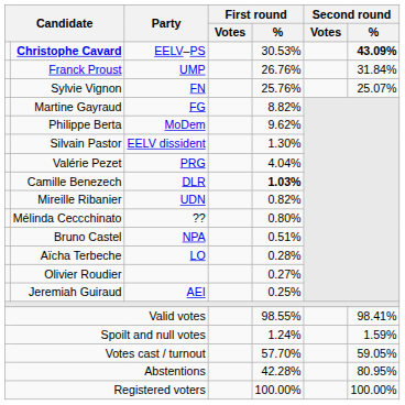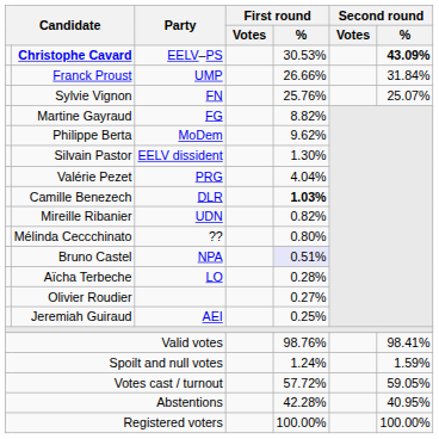 <table class="wikitable" style="text-align:right;font-size:95%;">
 <tr>
 <th rowspan=2 colspan=2>Candidate</th>
 <th rowspan=2 colspan=1>Party</th>
 <th colspan=2>First round</th>
 <th colspan=2>Second round</th>
 </tr>
 <tr>
 <th style="width:50px;">Votes</th>
 <th style="width:55px;">%</th>
 <th style="width:50px;">Votes</th>
 <th style="width:55px;">%</th>
 </tr>
 <tr>
 <td style="color:inherit;background-color:"></td>
 <td><strong><a href='#'>Christophe Cavard</a></strong></td>
 <td><a href='#'>EELV</a>–<a href='#'>PS</a></td>
 <td></td>
 <td>30.53%</td>
 <td><strong></strong></td>
 <td><strong>43.09%</strong></td>
 </tr>
 <tr>
 <td style="color:inherit;background-color:"></td>
 <td><a href='#'>Franck Proust</a></td>
 <td><a href='#'>UMP</a></td>
 <td></td>
-<td>26.76%</td>
+<td>26.66%</td>
 <td></td>
 <td>31.84%</td>
 </tr>
 <tr>
 <td style="color:inherit;background-color:"></td>
 <td>Sylvie Vignon</td>
 <td><a href='#'>FN</a></td>
 <td></td>
 <td>25.76%</td>
 <td></td>
 <td>25.07%</td>
 </tr>
 <tr>
 <td style="color:inherit;background-color:"></td>
 <td>Martine Gayraud</td>
 <td><a href='#'>FG</a></td>
 <td></td>
 <td>8.82%</td>
 <td colspan=7 rowspan=11 style="background-color:#E9E9E9;"></td>
 </tr>
 <tr>
 <td style="color:inherit;background-color:"></td>
 <td>Philippe Berta</td>
 <td><a href='#'>MoDem</a></td>
 <td></td>
 <td>9.62%</td>
 </tr>
 <tr>
 <td style="color:inherit;background-color:"></td>
 <td>Silvain Pastor</td>
 <td><a href='#'>EELV dissident</a></td>
 <td></td>
 <td>1.30%</td>
 </tr>
 <tr>
 <td style="color:inherit;background-color:"></td>
 <td>Valérie Pezet</td>
 <td><a href='#'>PRG</a></td>
 <td></td>
 <td>4.04%</td>
 </tr>
 <tr>
 <td style="color:inherit;background-color:"></td>
 <td>Camille Benezech</td>
 <td><a href='#'>DLR</a></td>
 <td></td>
 <td><strong>1.03%</strong></td>
 </tr>
 <tr>
 <td style="color:inherit;background-color:"></td>
 <td>Mireille Ribanier</td>
 <td><a href='#'>UDN</a></td>
 <td></td>
 <td>0.82%</td>
 </tr>
 <tr>
 <td style="background-color:;"></td>
 <td>Mélinda Ceccchinato</td>
 <td>??</td>
 <td></td>
 <td>0.80%</td>
 </tr>
 <tr>
 <td style="color:inherit;background-color:"></td>
 <td>Bruno Castel</td>
 <td><a href='#'>NPA</a></td>
 <td></td>
-<td>0.51%</td>
+<td style="background: lavender;">0.51%</td>
 </tr>
 <tr>
 <td style="color:inherit;background-color:"></td>
 <td>Aïcha Terbeche</td>
 <td><a href='#'>LO</a></td>
 <td></td>
 <td>0.28%</td>
 </tr>
 <tr>
 <td style="background-color:;"></td>
 <td>Olivier Roudier</td>
 <td></td>
 <td></td>
 <td>0.27%</td>
 </tr>
 <tr>
 <td style="color:inherit;background-color:"></td>
 <td>Jeremiah Guiraud</td>
 <td><a href='#'>AEI</a></td>
 <td></td>
 <td>0.25%</td>
 </tr>
 <tr>
 <td colspan=7 style="background-color:#E9E9E9;"></td>
 </tr>
 <tr>
 <td colspan=3>Valid votes</td>
 <td></td>
-<td>98.55%</td>
+<td>98.76%</td>
 <td></td>
 <td>98.41%</td>
 </tr>
 <tr>
 <td colspan=3>Spoilt and null votes</td>
 <td></td>
 <td>1.24%</td>
 <td></td>
 <td>1.59%</td>
 </tr>
 <tr>
 <td colspan=3>Votes cast / turnout</td>
 <td></td>
-<td>57.70%</td>
+<td>57.72%</td>
 <td></td>
 <td>59.05%</td>
 </tr>
 <tr>
 <td colspan=3>Abstentions</td>
 <td></td>
 <td>42.28%</td>
 <td></td>
-<td>80.95%</td>
+<td>40.95%</td>
 </tr>
 <tr>
 <td colspan=3>Registered voters</td>
 <td></td>
 <td>100.00%</td>
 <td></td>
 <td>100.00%</td>
 </tr>
 </table>
